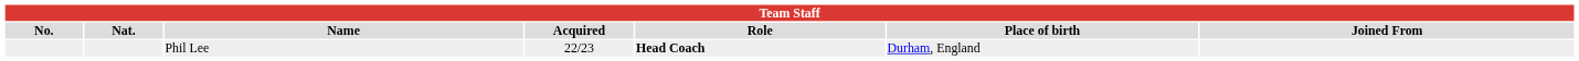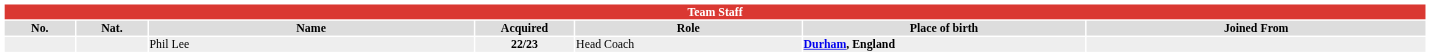 <table class="toccolours"  style="width:97%; clear:both; margin:1.5em auto; text-align:center;">
 <tr>
 <th colspan="10" style="background:#da3832; color:#ffffff;”">Team Staff</th>
 </tr>
 <tr style="background:#ddd;">
 <th width=5%>No.</th>
 <th width=5%>Nat.</th>
 <th !width=22%>Name</th>
 <th width=7%>Acquired</th>
 <th width=16%>Role</th>
 <th width=20%>Place of birth</th>
 <th width=24%>Joined From</th>
 </tr>
 <tr style="background:#eee;">
 <td></td>
 <td></td>
 <td align=left>Phil Lee</td>
-<td>22/23</td>
-<td align=left><strong>Head Coach</strong></td>
-<td align=left><a href='#'>Durham</a>, England</td>
+<td><strong>22/23</strong></td>
+<td align=left>Head Coach</td>
+<td align=left><strong><a href='#'>Durham</a>, England</strong></td>
 <td align=left></td>
 </tr>
 </table>
